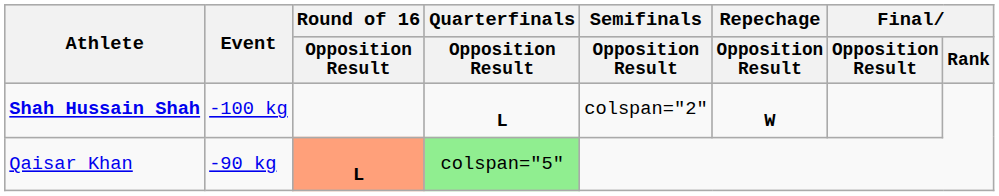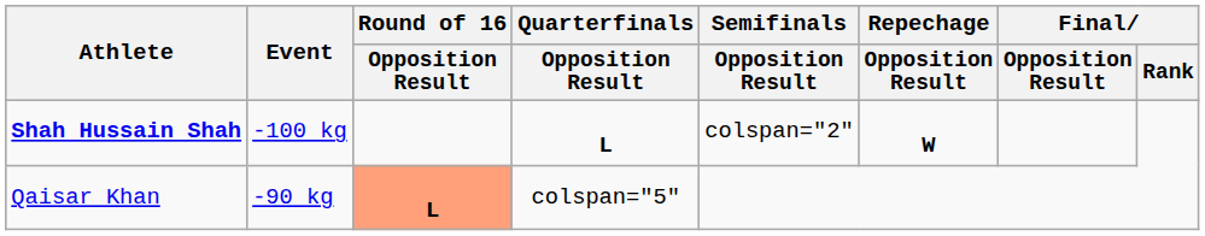 <table class="wikitable" style="font-size:90%;">
 <tr>
 <th rowspan=2>Athlete</th>
 <th rowspan=2>Event</th>
 <th>Round of 16</th>
 <th>Quarterfinals</th>
 <th>Semifinals</th>
 <th>Repechage</th>
 <th colspan=2>Final/</th>
 </tr>
 <tr style="font-size:95%">
 <th>Opposition<br>Result</th>
 <th>Opposition<br>Result</th>
 <th>Opposition<br>Result</th>
 <th>Opposition<br>Result</th>
 <th>Opposition<br>Result</th>
 <th>Rank</th>
 </tr>
 <tr align=center>
 <td align=left><strong><a href='#'>Shah Hussain Shah</a></strong></td>
 <td align=left><a href='#'>-100 kg</a></td>
 <td></td>
 <td><br><strong>L</strong></td>
 <td>colspan="2" </td>
 <td><br><strong>W</strong></td>
 <td></td>
 </tr>
 <tr align=center>
 <td align=left><a href='#'>Qaisar Khan</a></td>
 <td align=left><a href='#'>-90 kg</a></td>
 <td style="background: lightsalmon;"><br><strong>L</strong></td>
-<td style="background: lightgreen;">colspan="5" </td>
+<td>colspan="5" </td>
 </tr>
 </table>
